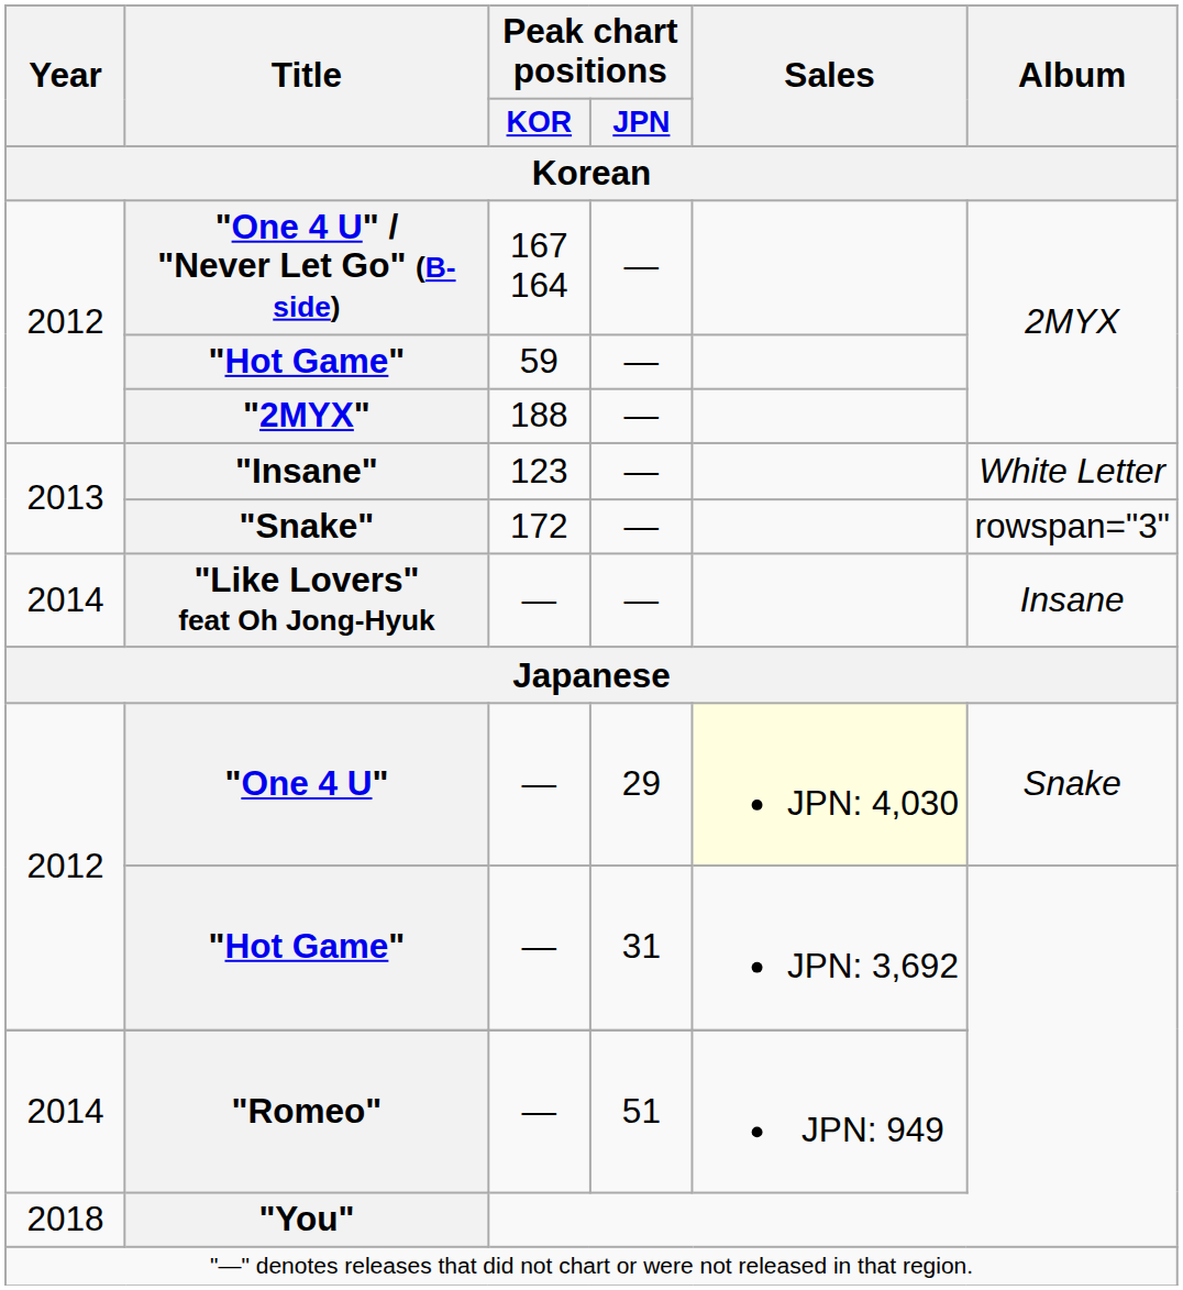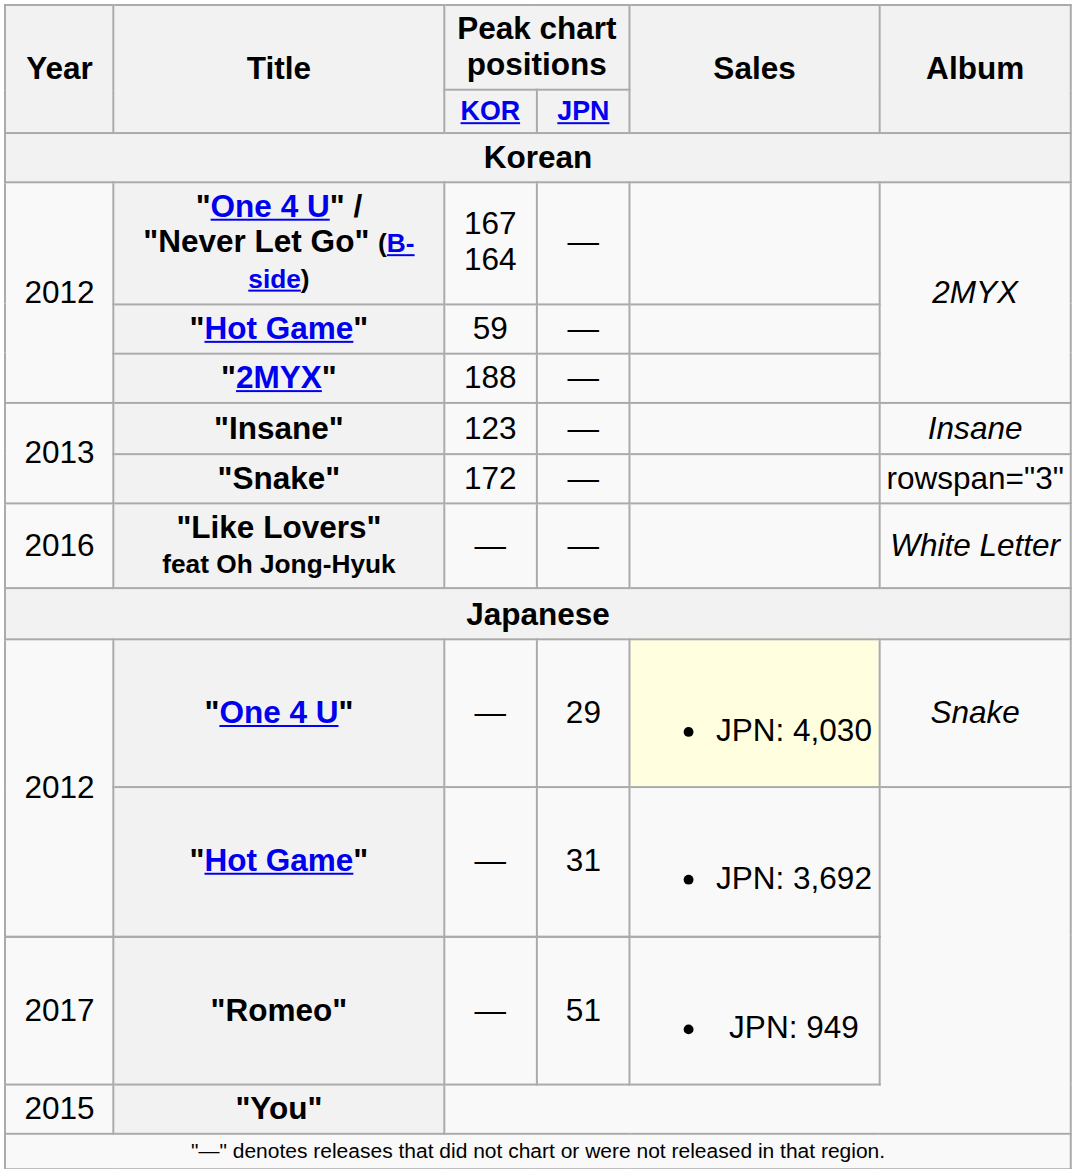 <table class="wikitable plainrowheaders" style="text-align:center;">
 <tr>
 <th scope="col" rowspan="2" style="width:3em;">Year</th>
 <th scope="col" rowspan="2" style="width:10em;">Title</th>
 <th scope="col" colspan="2">Peak chart positions</th>
 <th scope="col" rowspan="2">Sales</th>
 <th scope="col" rowspan="2">Album</th>
 </tr>
 <tr>
 <th style="width:3em;font-size:85%"><a href='#'>KOR</a><br></th>
 <th style="width:3em;font-size:85%"><a href='#'>JPN</a><br></th>
 </tr>
 <tr>
 <th colspan="7">Korean</th>
 </tr>
 <tr>
 <td rowspan="3">2012</td>
 <th scope="row">"<a href='#'>One 4 U</a>" /<br>"Never Let Go" <small>(<a href='#'>B-side</a>)</small></th>
 <td>167<br>164</td>
 <td>—</td>
 <td></td>
 <td rowspan="3"><em>2MYX</em></td>
 </tr>
 <tr>
 <th scope="row">"<a href='#'>Hot Game</a>"</th>
 <td>59</td>
 <td>—</td>
 <td></td>
 </tr>
 <tr>
 <th scope="row">"<a href='#'>2MYX</a>"</th>
 <td>188</td>
 <td>—</td>
 <td></td>
 </tr>
 <tr>
 <td rowspan="2">2013</td>
 <th scope="row">"Insane"</th>
 <td>123</td>
 <td>—</td>
 <td></td>
-<td><em>White Letter</em></td>
+<td rowspan="1"><em>Insane</em></td>
 </tr>
 <tr>
 <th scope="row">"Snake"</th>
 <td>172</td>
 <td>—</td>
 <td></td>
 <td>rowspan="3" </td>
 </tr>
 <tr>
-<td>2014</td>
+<td>2016</td>
 <th scope="row">"Like Lovers"<br><small>feat Oh Jong-Hyuk</small></th>
 <td>—</td>
 <td>—</td>
 <td></td>
-<td rowspan="1"><em>Insane</em></td>
+<td><em>White Letter</em></td>
 </tr>
 <tr>
 <th colspan="12">Japanese</th>
 </tr>
 <tr>
 <td rowspan="2">2012</td>
 <th scope="row">"<a href='#'>One 4 U</a>"</th>
 <td>—</td>
 <td>29</td>
 <td style="background: lightyellow;"><br><ul><li>JPN: 4,030</li></ul></td>
 <td rowspan="1"><em>Snake</em></td>
 </tr>
 <tr>
 <th scope="row">"<a href='#'>Hot Game</a>"</th>
 <td>—</td>
 <td>31</td>
 <td><br><ul><li>JPN: 3,692</li></ul></td>
 </tr>
 <tr>
 </tr>
 <tr>
-<td rowspan="1">2014</td>
+<td rowspan="1">2017</td>
 <th scope="row">"Romeo"</th>
 <td>—</td>
 <td>51</td>
 <td><br><ul><li>JPN: 949</li></ul></td>
 </tr>
 <tr>
-<td rowspan="1">2018</td>
+<td rowspan="1">2015</td>
 <th scope="row">"You"</th>
 </tr>
 <tr>
 <td colspan="14" style="text-align:center; font-size:8pt;">"—" denotes releases that did not chart or were not released in that region.</td>
 </tr>
 </table>
